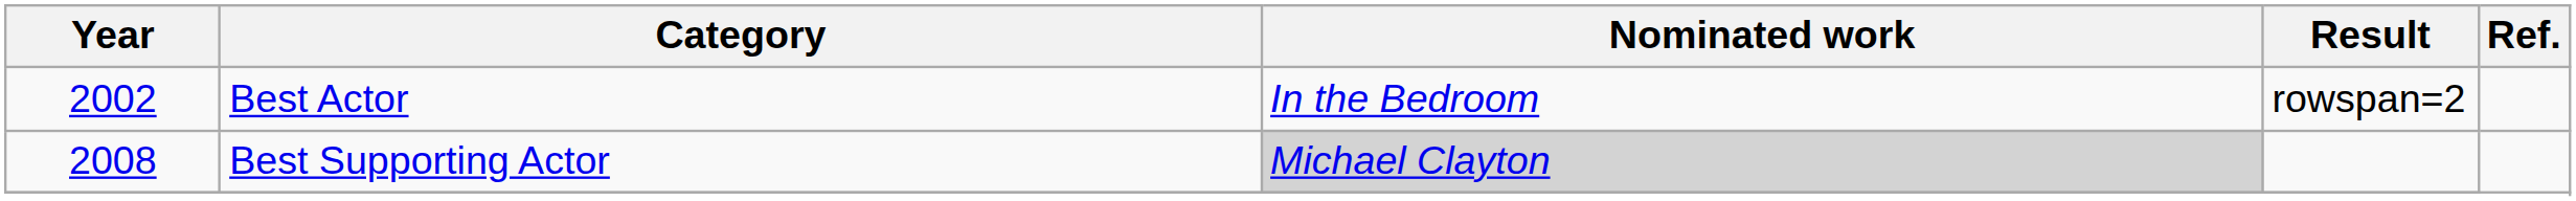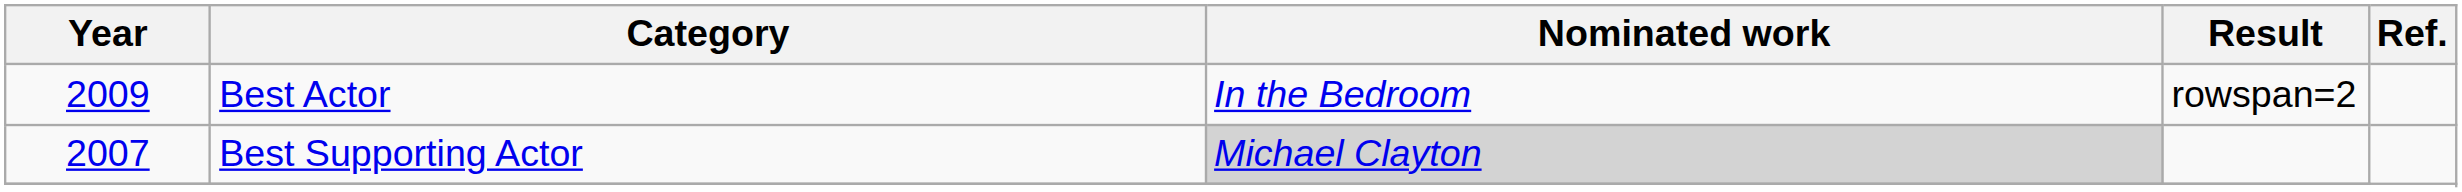 <table class=wikitable>
 <tr>
 <th scope="col" style="width:5em;">Year</th>
 <th scope="col" style="width:26em;">Category</th>
 <th scope="col" style="width:25em;">Nominated work</th>
 <th scope="col" style="width:5em;">Result</th>
 <th>Ref.</th>
 </tr>
 <tr>
-<td style="text-align:center;"><a href='#'>2002</a></td>
+<td style="text-align:center;"><a href='#'>2009</a></td>
 <td><a href='#'>Best Actor</a></td>
 <td><em><a href='#'>In the Bedroom</a></em></td>
 <td>rowspan=2 </td>
 <td></td>
 </tr>
 <tr>
-<td style="text-align:center;"><a href='#'>2008</a></td>
+<td style="text-align:center;"><a href='#'>2007</a></td>
 <td><a href='#'>Best Supporting Actor</a></td>
 <td style="background: lightgrey;"><em><a href='#'>Michael Clayton</a></em></td>
 <td></td>
 </tr>
 <tr>
 </tr>
 </table>
